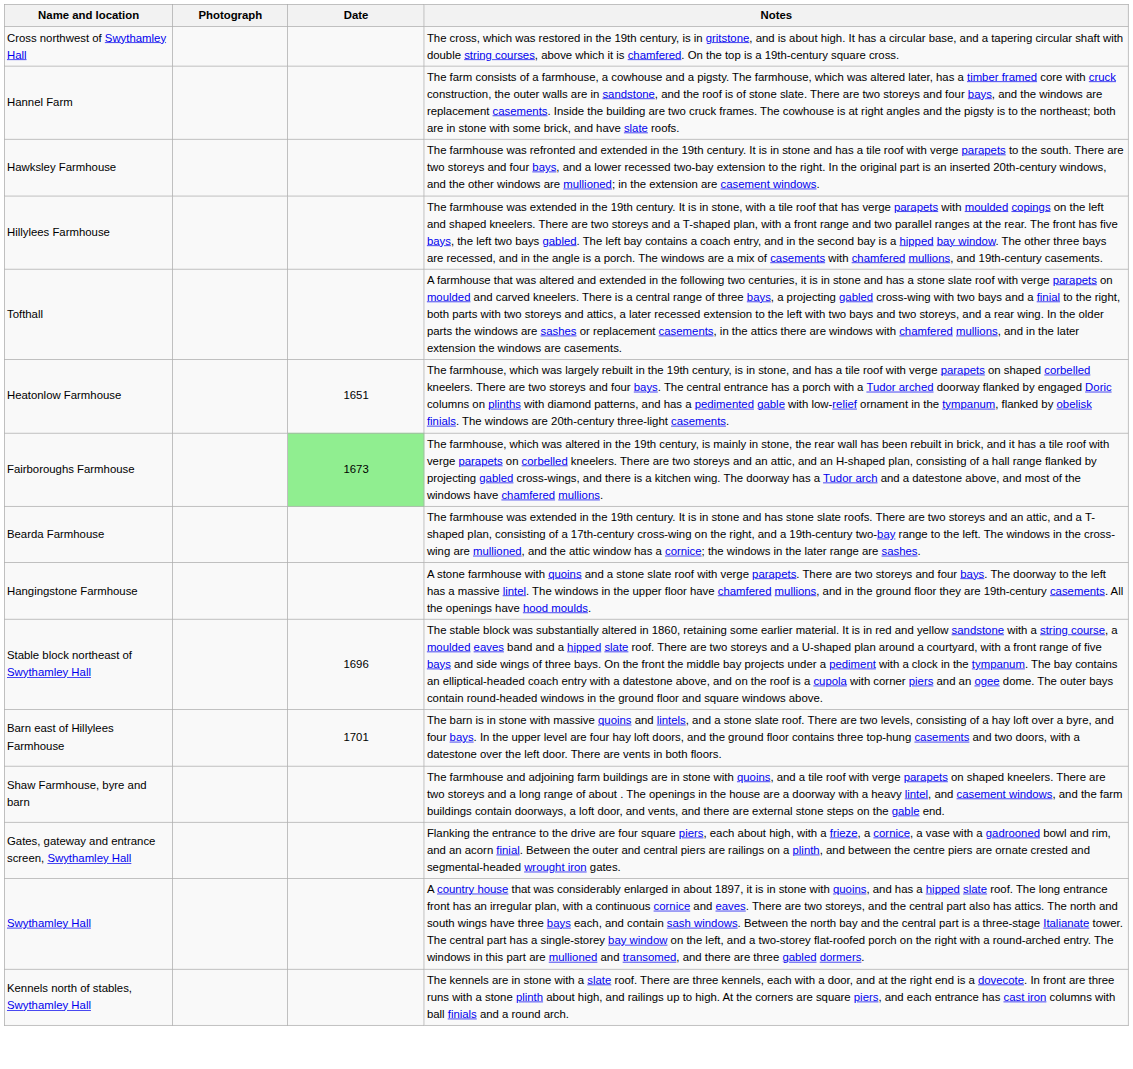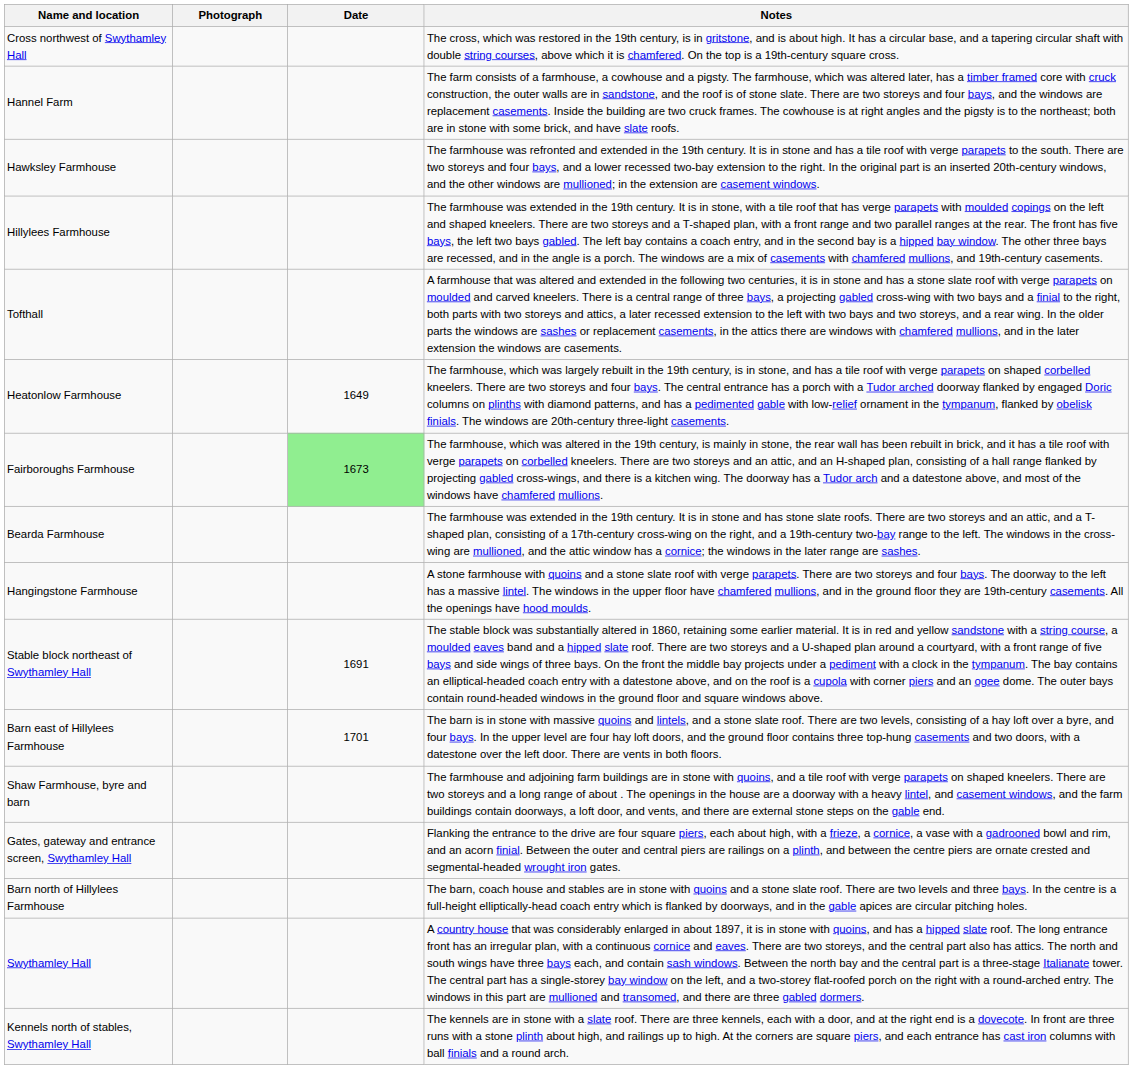 <table class="wikitable sortable plainrowheaders" style="width:100%;border:0px;text-align:left;line-height:150%;">
 <tr>
 <th scope="col"  style="width:150px">Name and location</th>
 <th scope="col"  style="width:100px" class="unsortable">Photograph</th>
 <th scope="col"  style="width:120px">Date</th>
 <th scope="col"  style="width:650px" class="unsortable">Notes</th>
 </tr>
 <tr>
 <td>Cross northwest of <a href='#'>Swythamley Hall</a><br><small></small></td>
 <td></td>
 <td align="center"></td>
 <td>The cross, which was restored in the 19th century, is in <a href='#'>gritstone</a>, and is about  high.  It has a circular base, and a tapering circular shaft with double <a href='#'>string courses</a>, above which it is <a href='#'>chamfered</a>.  On the top is a 19th-century square cross.</td>
 </tr>
 <tr>
 <td>Hannel Farm<br><small></small></td>
 <td></td>
 <td align="center"></td>
 <td>The farm consists of a farmhouse, a cowhouse and a pigsty.  The farmhouse, which was altered later, has a <a href='#'>timber framed</a> core with <a href='#'>cruck</a> construction, the outer walls are in <a href='#'>sandstone</a>, and the roof is of stone slate.  There are two storeys and four <a href='#'>bays</a>, and the windows are replacement <a href='#'>casements</a>.  Inside the building are two cruck frames.  The cowhouse is at right angles and the pigsty is to the northeast; both are in stone with some brick, and have <a href='#'>slate</a> roofs.</td>
 </tr>
 <tr>
 <td>Hawksley Farmhouse<br><small></small></td>
 <td></td>
 <td align="center"></td>
 <td>The farmhouse was refronted and extended in the 19th century.  It is in stone and has a tile roof with verge <a href='#'>parapets</a> to the south.  There are two storeys and four <a href='#'>bays</a>, and a lower recessed two-bay extension to the right.  In the original part is an inserted 20th-century windows, and the other windows are <a href='#'>mullioned</a>; in the extension are <a href='#'>casement windows</a>.</td>
 </tr>
 <tr>
 <td>Hillylees Farmhouse<br><small></small></td>
 <td></td>
 <td align="center"></td>
 <td>The farmhouse was extended in the 19th century.  It is in stone, with a tile roof that has verge <a href='#'>parapets</a> with <a href='#'>moulded</a> <a href='#'>copings</a> on the left and shaped kneelers.  There are two storeys and a T-shaped plan, with a front range and two parallel ranges at the rear.  The front has five <a href='#'>bays</a>, the left two bays <a href='#'>gabled</a>.  The left bay contains a coach entry, and in the second bay is a <a href='#'>hipped</a> <a href='#'>bay window</a>.  The other three bays are recessed, and in the angle is a porch.  The windows are a mix of <a href='#'>casements</a> with <a href='#'>chamfered</a> <a href='#'>mullions</a>, and 19th-century casements.</td>
 </tr>
 <tr>
 <td>Tofthall<br><small></small></td>
 <td></td>
 <td align="center"></td>
 <td>A farmhouse that was altered and extended in the following two centuries, it is in stone and has a stone slate roof with verge <a href='#'>parapets</a> on <a href='#'>moulded</a> and carved kneelers.  There is a central range of three <a href='#'>bays</a>, a projecting <a href='#'>gabled</a> cross-wing with two bays and a <a href='#'>finial</a> to the right, both parts with two storeys and attics, a later recessed extension to the left with two bays and two storeys, and a rear wing.  In the older parts the windows are <a href='#'>sashes</a> or replacement <a href='#'>casements</a>, in the attics there are windows with <a href='#'>chamfered</a> <a href='#'>mullions</a>, and in  the later extension the windows are casements.</td>
 </tr>
 <tr>
 <td>Heatonlow Farmhouse<br><small></small></td>
 <td></td>
-<td align="center">1651</td>
+<td align="center">1649</td>
 <td>The farmhouse, which was largely rebuilt in the 19th century, is in stone, and has a tile roof with verge <a href='#'>parapets</a> on shaped <a href='#'>corbelled</a> kneelers.  There are two storeys and four <a href='#'>bays</a>.  The central entrance has a porch with a <a href='#'>Tudor arched</a> doorway flanked by engaged <a href='#'>Doric</a> columns on <a href='#'>plinths</a> with diamond patterns, and has a <a href='#'>pedimented</a> <a href='#'>gable</a> with low-<a href='#'>relief</a> ornament in the <a href='#'>tympanum</a>, flanked by <a href='#'>obelisk</a> <a href='#'>finials</a>.  The windows are 20th-century three-light <a href='#'>casements</a>.</td>
 </tr>
 <tr>
 <td>Fairboroughs Farmhouse<br><small></small></td>
 <td></td>
 <td align="center" style="background: lightgreen;">1673</td>
 <td>The farmhouse, which was altered in the 19th century, is mainly in stone, the rear wall has been rebuilt in brick, and it has a tile roof with verge <a href='#'>parapets</a> on <a href='#'>corbelled</a> kneelers.  There are two storeys and an attic, and an H-shaped plan, consisting of a hall range flanked by projecting <a href='#'>gabled</a> cross-wings, and there is a kitchen wing.  The doorway has a <a href='#'>Tudor arch</a> and a datestone above, and most of the windows have <a href='#'>chamfered</a> <a href='#'>mullions</a>.</td>
 </tr>
 <tr>
 <td>Bearda Farmhouse<br><small></small></td>
 <td></td>
 <td align="center"></td>
 <td>The farmhouse was extended in the 19th century.  It is in stone and has stone slate roofs.  There are two storeys and an attic, and a T-shaped plan, consisting of a 17th-century cross-wing on the right, and a 19th-century two-<a href='#'>bay</a> range to the left.  The windows in the cross-wing are <a href='#'>mullioned</a>, and the attic window has a <a href='#'>cornice</a>; the windows in the later range are <a href='#'>sashes</a>.</td>
 </tr>
 <tr>
 <td>Hangingstone Farmhouse<br><small></small></td>
 <td></td>
 <td align="center"></td>
 <td>A stone farmhouse with <a href='#'>quoins</a> and a stone slate roof with verge <a href='#'>parapets</a>.  There are two storeys and four <a href='#'>bays</a>.  The doorway to the left has a massive <a href='#'>lintel</a>.  The windows in the upper floor have <a href='#'>chamfered</a> <a href='#'>mullions</a>, and in the ground floor they are 19th-century <a href='#'>casements</a>.  All the openings have <a href='#'>hood moulds</a>.</td>
 </tr>
 <tr>
 <td>Stable block northeast of <a href='#'>Swythamley Hall</a><br><small></small></td>
 <td></td>
-<td align="center">1696</td>
+<td align="center">1691</td>
 <td>The stable block was substantially altered in 1860, retaining some earlier material.  It is in red and yellow <a href='#'>sandstone</a> with a <a href='#'>string course</a>, a <a href='#'>moulded</a> <a href='#'>eaves</a> band and a <a href='#'>hipped</a> <a href='#'>slate</a> roof.  There are two storeys and a U-shaped plan around a courtyard, with a front range of five <a href='#'>bays</a> and side wings of three bays.  On the front the middle bay projects under a <a href='#'>pediment</a> with a clock in the <a href='#'>tympanum</a>.  The bay contains an elliptical-headed coach entry with a datestone above, and on the roof is a <a href='#'>cupola</a> with corner <a href='#'>piers</a> and an <a href='#'>ogee</a> dome.  The outer bays contain round-headed windows in the ground floor and square windows above.</td>
 </tr>
 <tr>
 <td>Barn east of Hillylees Farmhouse<br><small></small></td>
 <td></td>
 <td align="center">1701</td>
 <td>The barn is in stone with massive <a href='#'>quoins</a> and <a href='#'>lintels</a>, and a stone slate roof.  There are two levels, consisting of a hay loft over a byre, and four <a href='#'>bays</a>.  In the upper level are four hay loft doors, and the ground floor contains three top-hung <a href='#'>casements</a> and two doors, with a datestone over the left door.  There are vents in both floors.</td>
 </tr>
 <tr>
 <td>Shaw Farmhouse, byre and barn<br><small></small></td>
 <td></td>
 <td align="center"></td>
 <td>The farmhouse and adjoining farm buildings are in stone with <a href='#'>quoins</a>, and a tile roof with verge <a href='#'>parapets</a> on shaped kneelers.  There are two storeys and a long range of about .  The openings in the house are a doorway with a heavy <a href='#'>lintel</a>, and <a href='#'>casement windows</a>, and the farm buildings contain doorways, a loft door, and vents, and there are external stone steps on the <a href='#'>gable</a> end.</td>
 </tr>
 <tr>
 <td>Gates, gateway and entrance screen, <a href='#'>Swythamley Hall</a><br><small></small></td>
 <td></td>
 <td align="center"></td>
 <td>Flanking the entrance to the drive are four square <a href='#'>piers</a>, each about  high, with a <a href='#'>frieze</a>, a <a href='#'>cornice</a>, a vase with a <a href='#'>gadrooned</a> bowl and rim, and an acorn <a href='#'>finial</a>.  Between the outer and central piers are railings on a <a href='#'>plinth</a>, and between the centre piers are ornate crested and segmental-headed <a href='#'>wrought iron</a> gates.</td>
 </tr>
 <tr>
+<td>Barn north of Hillylees Farmhouse<br><small></small></td>
+<td></td>
+<td align="center"></td>
+<td>The barn, coach house and stables are in stone with <a href='#'>quoins</a> and a stone slate roof.  There are two levels and three <a href='#'>bays</a>.  In the centre is a full-height elliptically-head coach entry which is flanked by doorways, and in the <a href='#'>gable</a> apices are circular pitching holes.</td>
+</tr>
+<tr>
 <td><a href='#'>Swythamley Hall</a><br><small></small></td>
 <td></td>
 <td align="center"></td>
 <td>A <a href='#'>country house</a> that was considerably enlarged in about 1897, it is in stone with <a href='#'>quoins</a>, and has a <a href='#'>hipped</a> <a href='#'>slate</a> roof.  The long entrance front has an irregular plan, with a continuous <a href='#'>cornice</a> and <a href='#'>eaves</a>.  There are two storeys, and the central part also has attics.  The north and south wings have three <a href='#'>bays</a> each, and contain <a href='#'>sash windows</a>.  Between the north bay and the central part is a three-stage <a href='#'>Italianate</a> tower.  The central part has a single-storey <a href='#'>bay window</a> on the left, and a two-storey flat-roofed porch on the right with a round-arched entry.  The windows in this part are <a href='#'>mullioned</a> and <a href='#'>transomed</a>, and there are three <a href='#'>gabled</a> <a href='#'>dormers</a>.</td>
 </tr>
 <tr>
 <td>Kennels north of stables, <a href='#'>Swythamley Hall</a><br><small></small></td>
 <td></td>
 <td align="center"></td>
 <td>The kennels are in stone with a <a href='#'>slate</a> roof.  There are three kennels, each with a door, and at the right end is a <a href='#'>dovecote</a>.  In front are three runs with a stone <a href='#'>plinth</a> about  high, and railings up to  high.  At the corners are square <a href='#'>piers</a>, and each entrance has <a href='#'>cast iron</a> columns with ball <a href='#'>finials</a> and a round arch.</td>
 </tr>
 <tr>
 </tr>
 </table>
